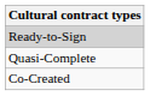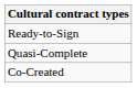 <table class="wikitable">
 <tr>
 <th>Cultural contract types</th>
 </tr>
 <tr>
-<td style="background: lightgrey;">Ready-to-Sign</td>
+<td>Ready-to-Sign</td>
 </tr>
 <tr>
 <td>Quasi-Complete</td>
 </tr>
 <tr>
 <td>Co-Created</td>
 </tr>
 </table>
